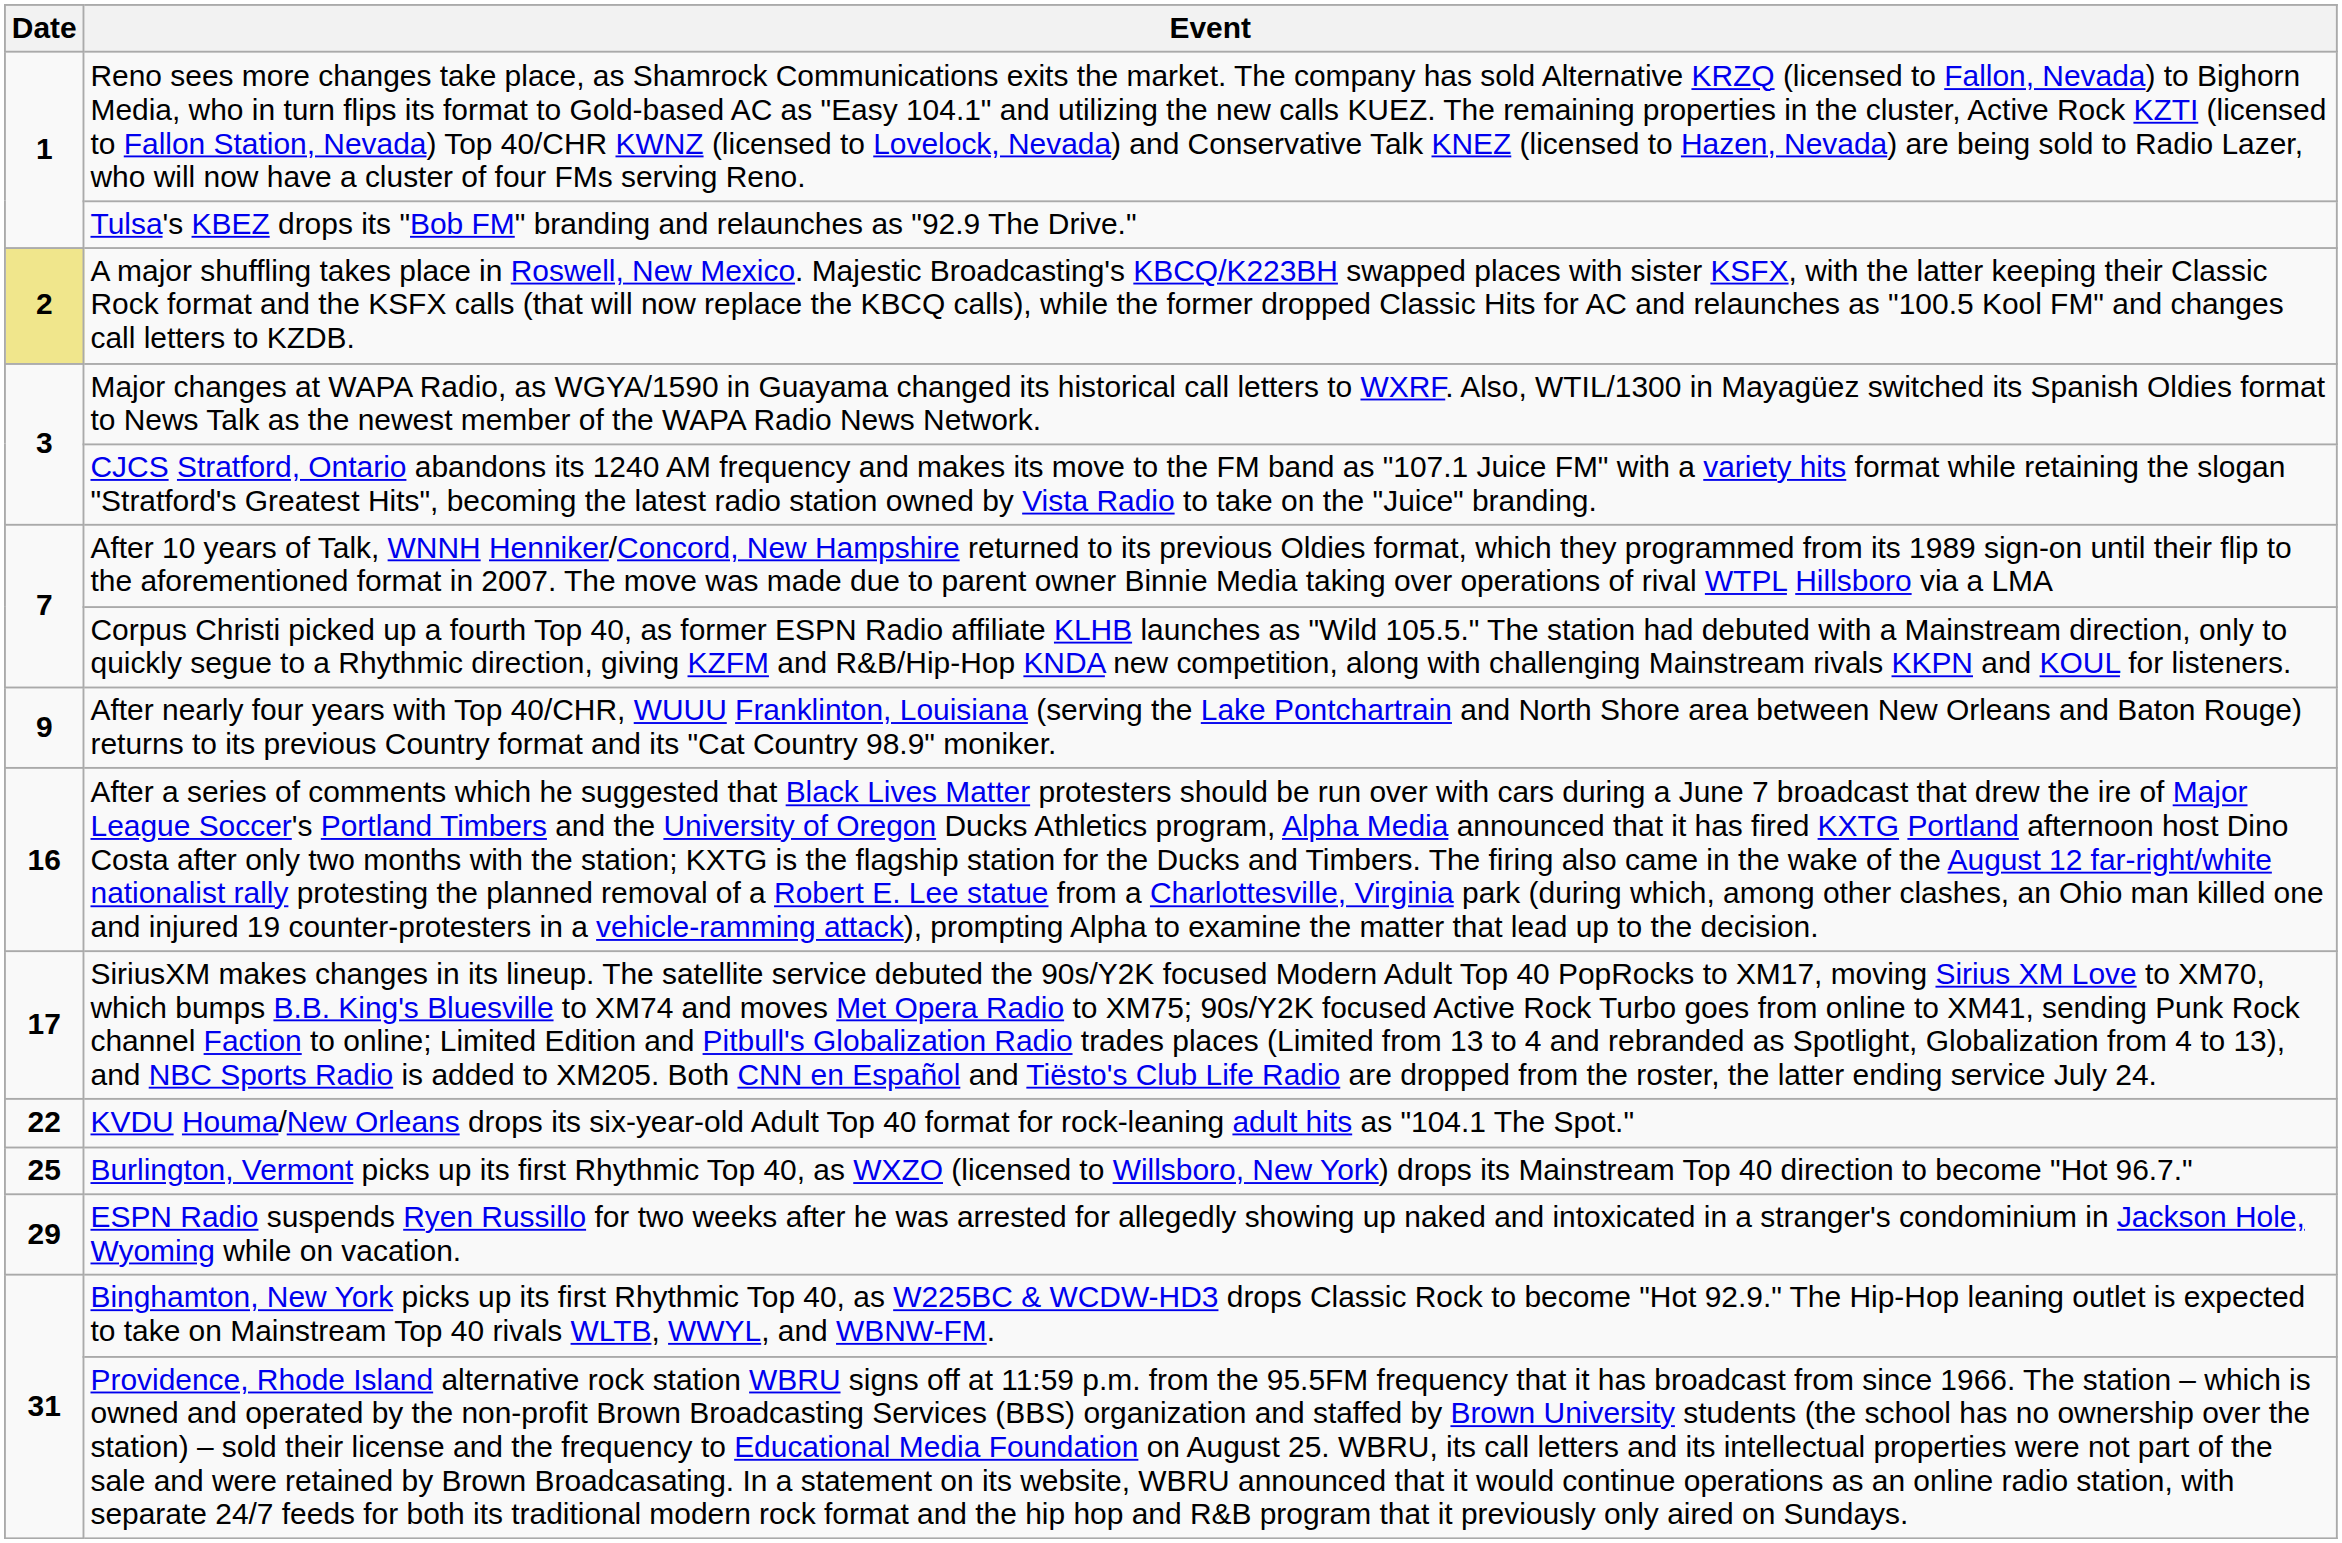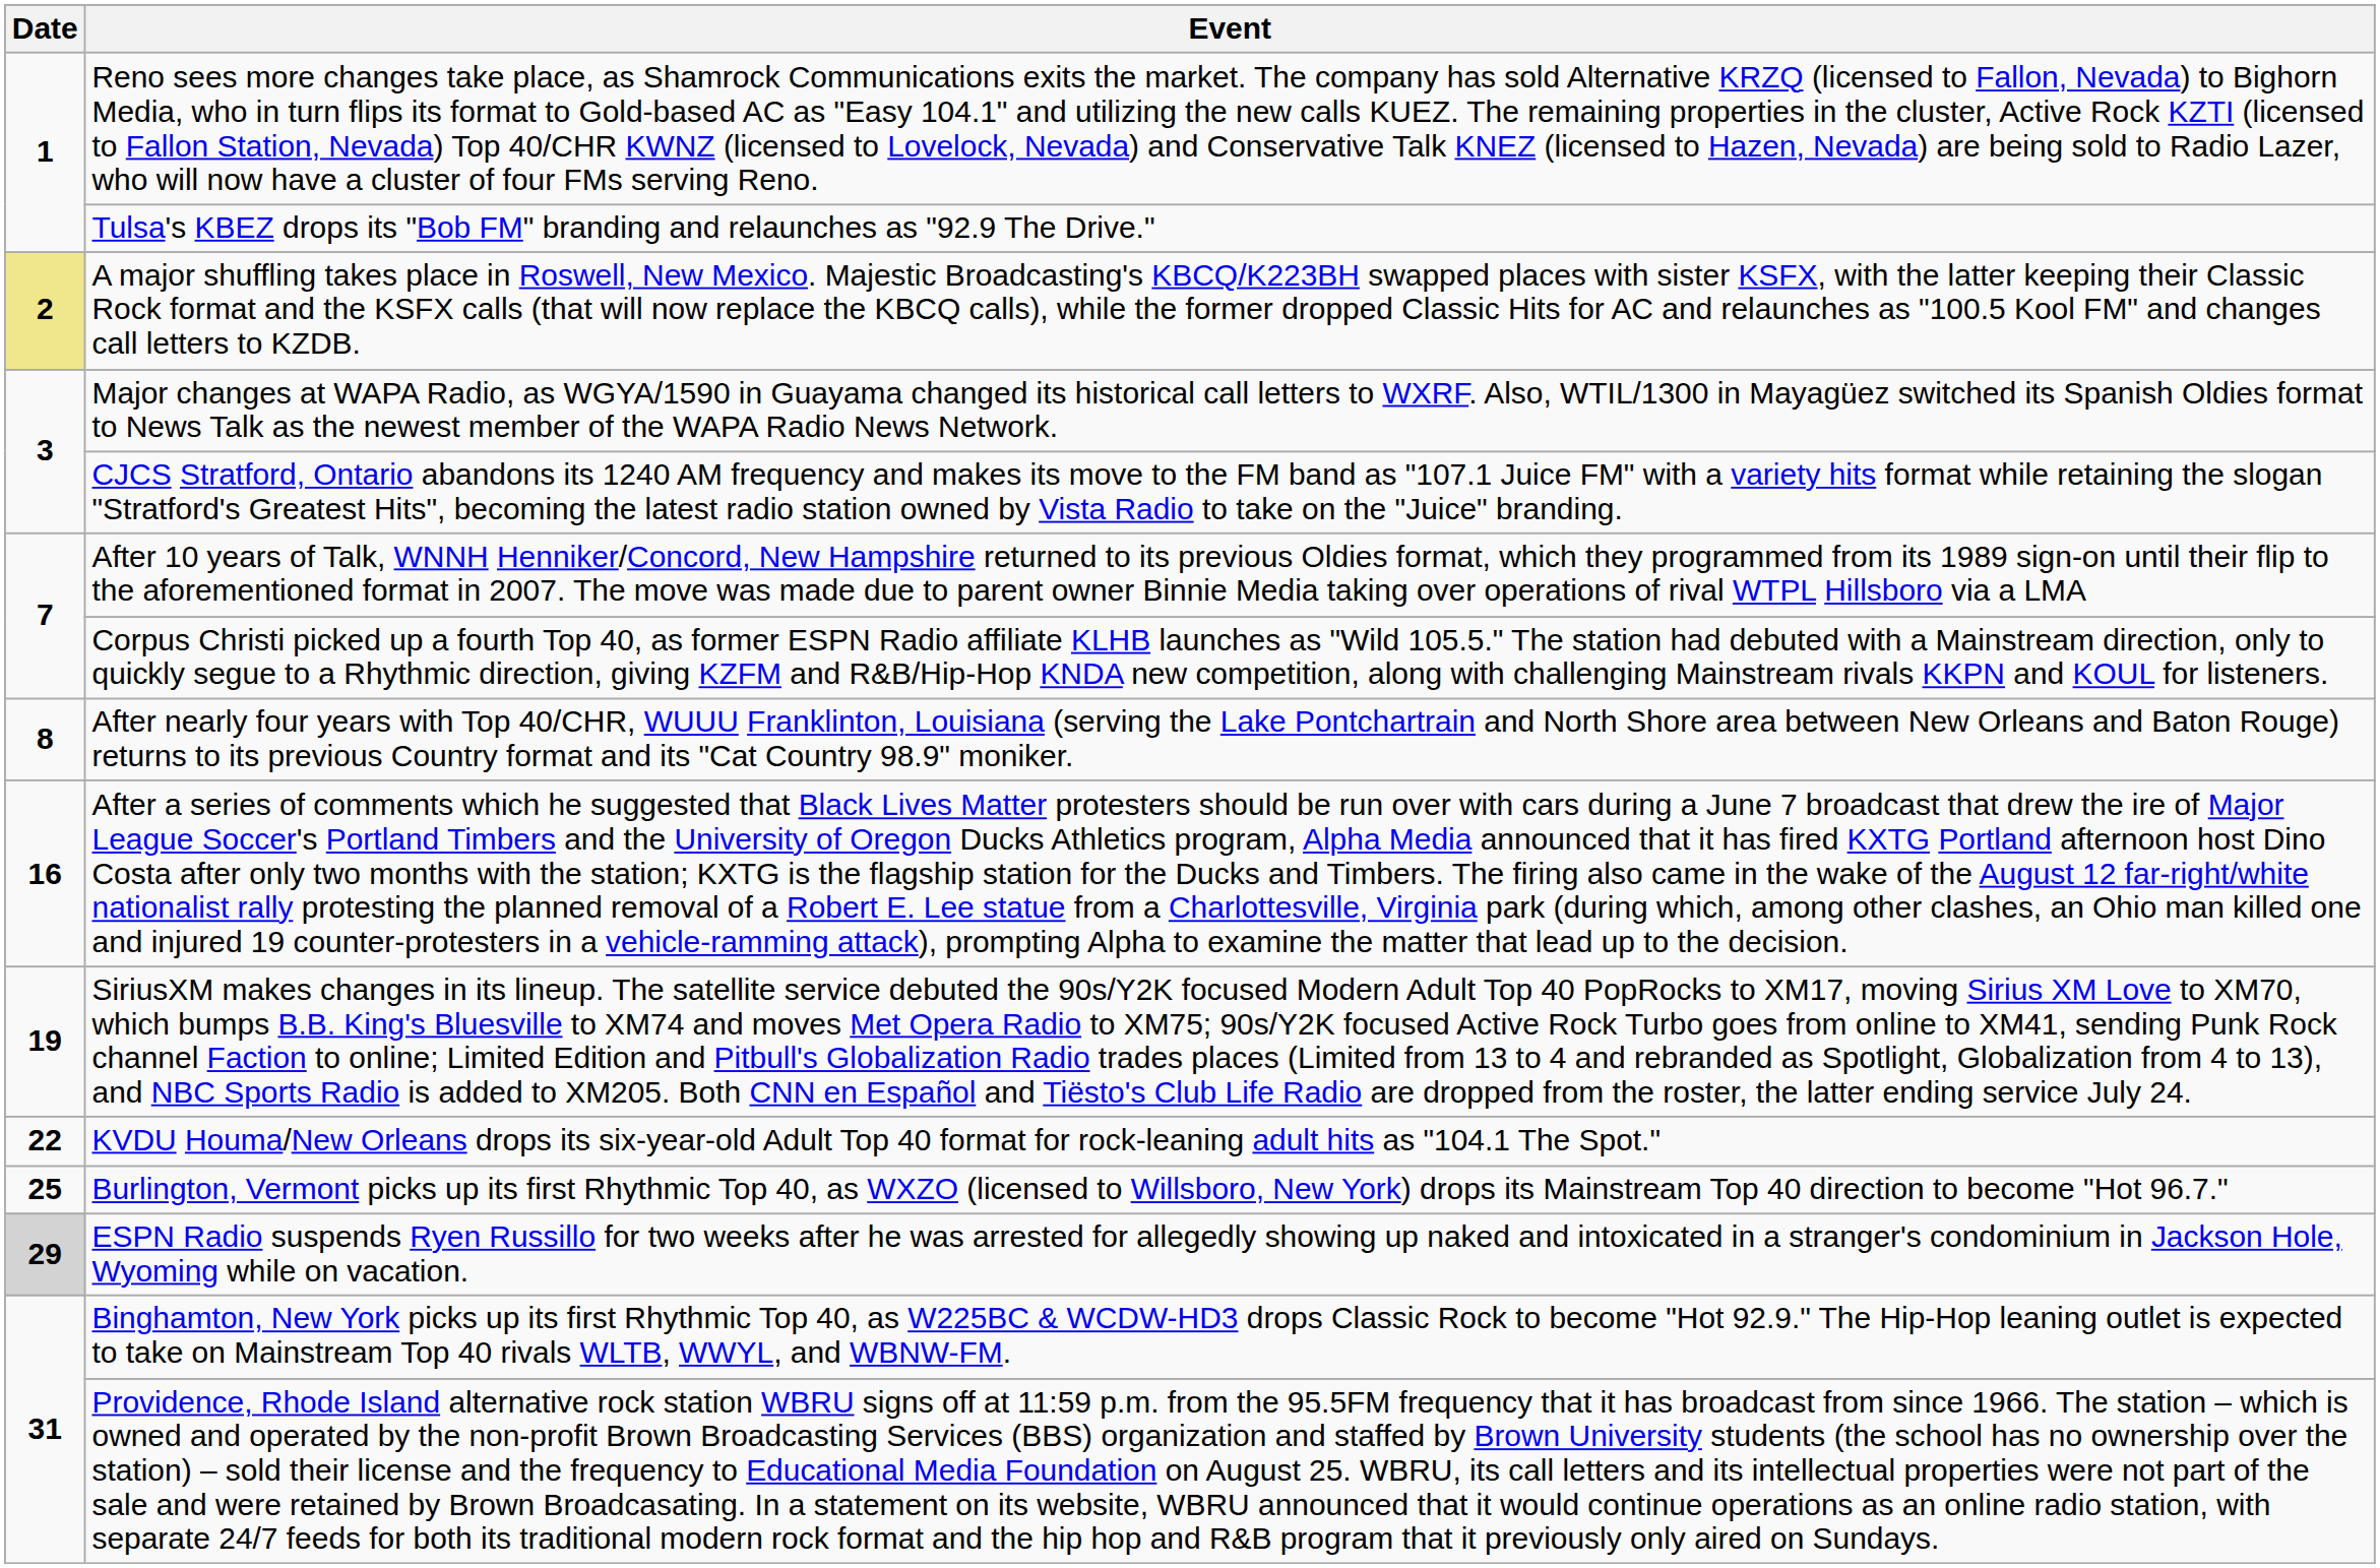 <table class="wikitable">
 <tr>
 <th>Date</th>
 <th>Event</th>
 </tr>
 <tr>
 <td style="text-align:center;" rowspan=2><strong>1</strong></td>
 <td>Reno sees more changes take place, as Shamrock Communications exits the market. The company has sold Alternative <a href='#'>KRZQ</a> (licensed to <a href='#'>Fallon, Nevada</a>) to Bighorn Media, who in turn flips its format to Gold-based AC as "Easy 104.1" and utilizing the new calls KUEZ. The remaining properties in the cluster, Active Rock <a href='#'>KZTI</a> (licensed to <a href='#'>Fallon Station, Nevada</a>) Top 40/CHR <a href='#'>KWNZ</a> (licensed to <a href='#'>Lovelock, Nevada</a>) and Conservative Talk <a href='#'>KNEZ</a> (licensed to <a href='#'>Hazen, Nevada</a>) are being sold to Radio Lazer, who will now have a cluster of four FMs serving Reno.</td>
 </tr>
 <tr>
 <td><a href='#'>Tulsa</a>'s <a href='#'>KBEZ</a> drops its "<a href='#'>Bob FM</a>" branding and relaunches as "92.9 The Drive."</td>
 </tr>
 <tr>
 <td style="background: khaki; text-align:center;"><strong>2</strong></td>
 <td>A major shuffling takes place in <a href='#'>Roswell, New Mexico</a>. Majestic Broadcasting's <a href='#'>KBCQ/K223BH</a> swapped places with sister <a href='#'>KSFX</a>, with the latter keeping their Classic Rock format and the KSFX calls (that will now replace the KBCQ calls), while the former dropped Classic Hits for AC and relaunches as "100.5 Kool FM" and changes call letters to KZDB.</td>
 </tr>
 <tr>
 <td style="text-align:center;" rowspan=2><strong>3</strong></td>
 <td>Major changes at WAPA Radio, as WGYA/1590 in Guayama changed its historical call letters to <a href='#'>WXRF</a>. Also, WTIL/1300 in Mayagüez switched its Spanish Oldies format to  News Talk as the newest member of the WAPA Radio News Network.</td>
 </tr>
 <tr>
 <td><a href='#'>CJCS</a> <a href='#'>Stratford, Ontario</a> abandons its 1240 AM frequency  and makes its move to the FM band as "107.1 Juice FM" with a <a href='#'>variety hits</a> format while retaining the slogan "Stratford's Greatest Hits", becoming the latest radio station owned by <a href='#'>Vista Radio</a> to take on the "Juice" branding.</td>
 </tr>
 <tr>
 <td style="text-align:center;" rowspan=2><strong>7</strong></td>
 <td>After 10 years of Talk, <a href='#'>WNNH</a> <a href='#'>Henniker</a>/<a href='#'>Concord, New Hampshire</a> returned to its previous Oldies format, which they programmed from its 1989 sign-on until their flip to the aforementioned format in 2007. The move was made due to parent owner Binnie Media taking over operations of rival <a href='#'>WTPL</a> <a href='#'>Hillsboro</a> via a LMA</td>
 </tr>
 <tr>
 <td>Corpus Christi picked up a fourth Top 40, as former ESPN Radio affiliate <a href='#'>KLHB</a> launches as "Wild 105.5." The station had debuted with a Mainstream direction, only to quickly segue to a Rhythmic direction, giving <a href='#'>KZFM</a> and R&B/Hip-Hop <a href='#'>KNDA</a> new competition, along with challenging Mainstream rivals <a href='#'>KKPN</a> and <a href='#'>KOUL</a> for listeners.</td>
 </tr>
 <tr>
-<td style="text-align:center;"><strong>9</strong></td>
+<td style="text-align:center;"><strong>8</strong></td>
 <td>After nearly four years with Top 40/CHR, <a href='#'>WUUU</a> <a href='#'>Franklinton, Louisiana</a> (serving the <a href='#'>Lake Pontchartrain</a> and North Shore area between New Orleans and Baton Rouge) returns to its previous Country format and its "Cat Country 98.9" moniker.</td>
 </tr>
 <tr>
 <td style="text-align:center;"><strong>16</strong></td>
 <td>After a series of comments which he suggested that <a href='#'>Black Lives Matter</a> protesters should be run over with cars during a June 7 broadcast that drew the ire of <a href='#'>Major League Soccer</a>'s <a href='#'>Portland Timbers</a> and the <a href='#'>University of Oregon</a> Ducks Athletics program, <a href='#'>Alpha Media</a> announced that it has fired <a href='#'>KXTG</a> <a href='#'>Portland</a> afternoon host Dino Costa after only two months with the station; KXTG is the flagship station for the Ducks and Timbers. The firing also came in the wake of the <a href='#'>August 12 far-right/white nationalist rally</a> protesting the planned removal of a <a href='#'>Robert E. Lee statue</a> from a <a href='#'>Charlottesville, Virginia</a> park (during which, among other clashes, an Ohio man killed one and injured 19 counter-protesters in a <a href='#'>vehicle-ramming attack</a>), prompting Alpha to examine the matter that lead up to the decision.</td>
 </tr>
 <tr>
-<td style="text-align:center;"><strong>17</strong></td>
+<td style="text-align:center;"><strong>19</strong></td>
 <td>SiriusXM makes changes in its lineup. The satellite service debuted the 90s/Y2K focused Modern Adult Top 40 PopRocks to XM17, moving <a href='#'>Sirius XM Love</a> to XM70, which bumps <a href='#'>B.B. King's Bluesville</a> to XM74 and moves <a href='#'>Met Opera Radio</a> to XM75; 90s/Y2K focused Active Rock Turbo goes from online to XM41, sending Punk Rock channel <a href='#'>Faction</a> to online; Limited Edition and <a href='#'>Pitbull's Globalization Radio</a> trades places (Limited from 13 to 4 and rebranded as Spotlight, Globalization from 4 to 13), and <a href='#'>NBC Sports Radio</a> is added to XM205. Both <a href='#'>CNN en Español</a> and <a href='#'>Tiësto's Club Life Radio</a> are dropped from the roster, the latter ending service July 24.</td>
 </tr>
 <tr>
 <td style="text-align:center;"><strong>22</strong></td>
 <td><a href='#'>KVDU</a> <a href='#'>Houma</a>/<a href='#'>New Orleans</a> drops its six-year-old Adult Top 40 format for rock-leaning <a href='#'>adult hits</a> as "104.1 The Spot."</td>
 </tr>
 <tr>
 <td style="text-align:center;"><strong>25</strong></td>
 <td><a href='#'>Burlington, Vermont</a> picks up its first Rhythmic Top 40, as <a href='#'>WXZO</a> (licensed to <a href='#'>Willsboro, New York</a>) drops its Mainstream Top 40 direction to become "Hot 96.7."</td>
 </tr>
 <tr>
-<td style="text-align:center;"><strong>29</strong></td>
+<td style="background: lightgrey; text-align:center;"><strong>29</strong></td>
 <td><a href='#'>ESPN Radio</a> suspends <a href='#'>Ryen Russillo</a> for two weeks after he was arrested for allegedly showing up naked and intoxicated in a stranger's condominium in <a href='#'>Jackson Hole, Wyoming</a> while on vacation.</td>
 </tr>
 <tr>
 <td style="text-align:center;" rowspan=2><strong>31</strong></td>
 <td><a href='#'>Binghamton, New York</a> picks up its first Rhythmic Top 40, as <a href='#'>W225BC & WCDW-HD3</a> drops Classic Rock to become "Hot 92.9." The Hip-Hop leaning outlet is expected to take on Mainstream Top 40 rivals <a href='#'>WLTB</a>, <a href='#'>WWYL</a>, and <a href='#'>WBNW-FM</a>.</td>
 </tr>
 <tr>
 <td><a href='#'>Providence, Rhode Island</a> alternative rock station <a href='#'>WBRU</a> signs off at 11:59 p.m. from the 95.5FM frequency that it has broadcast from since 1966. The station – which is owned and operated by the non-profit Brown Broadcasting Services (BBS) organization and staffed by <a href='#'>Brown University</a> students (the school has no ownership over the station) – sold their license and the frequency to <a href='#'>Educational Media Foundation</a> on August 25. WBRU, its call letters and its intellectual properties were not part of the sale and were retained by Brown Broadcasating. In a statement on its website, WBRU announced that it would continue operations as an online radio station, with separate 24/7 feeds for both its traditional modern rock format and the hip hop and R&B program that it previously only aired on Sundays.</td>
 </tr>
 </table>
